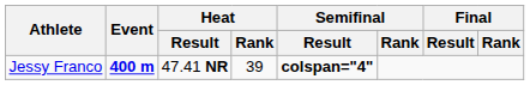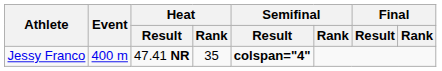 <table class="wikitable" style="font-size:90%">
 <tr>
 <th rowspan="2">Athlete</th>
 <th rowspan="2">Event</th>
 <th colspan="2">Heat</th>
 <th colspan="2">Semifinal</th>
 <th colspan="2">Final</th>
 </tr>
 <tr>
 <th>Result</th>
 <th>Rank</th>
 <th>Result</th>
 <th>Rank</th>
 <th>Result</th>
 <th>Rank</th>
 </tr>
 <tr style=text-align:center>
 <td style=text-align:left><a href='#'>Jessy Franco</a></td>
-<td style=text-align:left><strong><a href='#'>400 m</a></strong></td>
+<td style=text-align:left><a href='#'>400 m</a></td>
 <td>47.41 <strong>NR</strong></td>
-<td>39</td>
+<td>35</td>
 <td><strong>colspan="4" </strong></td>
 </tr>
 </table>
